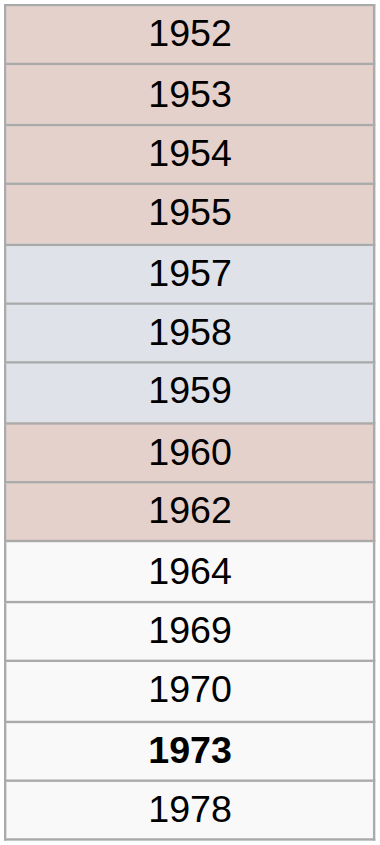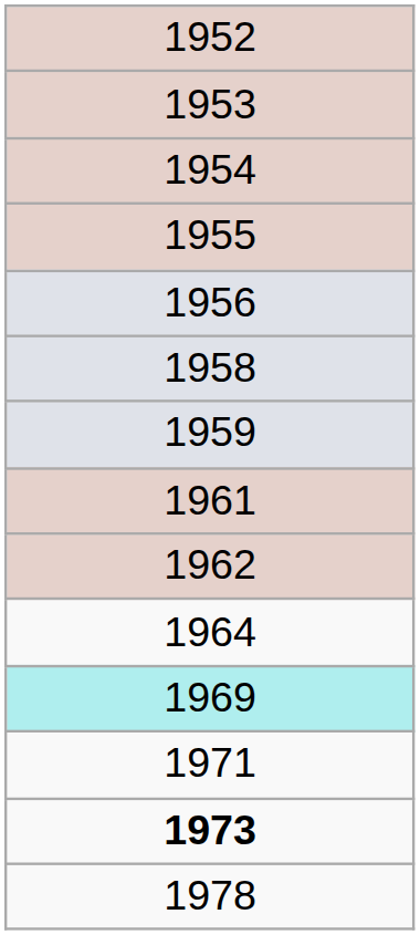 <table style="width: 10%; height: 5px;" border="1" class="wikitable">
 <tr align="center" style="background:#e5d1cb;">
 <td>1952</td>
 </tr>
 <tr align="center" style="background:#e5d1cb;">
 <td>1953</td>
 </tr>
 <tr align="center" style="background:#e5d1cb;">
 <td>1954</td>
 </tr>
 <tr align="center" style="background:#e5d1cb;">
 <td>1955</td>
 </tr>
 <tr align="center" bgcolor="dfe2e9">
-<td>1957</td>
+<td>1956</td>
 </tr>
 <tr align="center" bgcolor="dfe2e9">
 <td>1958</td>
 </tr>
 <tr align="center" bgcolor="dfe2e9">
 <td>1959</td>
 </tr>
 <tr align="center" style="background:#e5d1cb;">
-<td>1960</td>
+<td>1961</td>
 </tr>
 <tr align="center" style="background:#e5d1cb;">
 <td>1962</td>
 </tr>
 <tr align="center">
 <td>1964</td>
 </tr>
 <tr align="center">
-<td>1969</td>
+<td style="background: paleturquoise;">1969</td>
 </tr>
 <tr align="center">
-<td>1970</td>
+<td>1971</td>
 </tr>
 <tr align="center">
 <td><strong>1973</strong></td>
 </tr>
 <tr align="center">
 <td>1978</td>
 </tr>
 </table>
